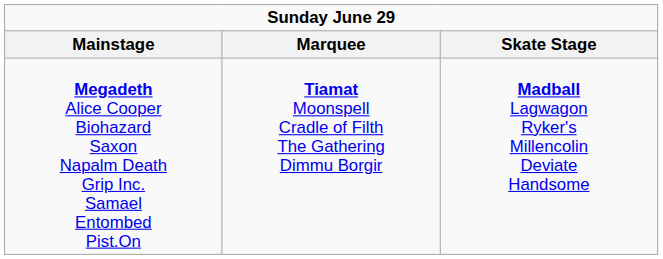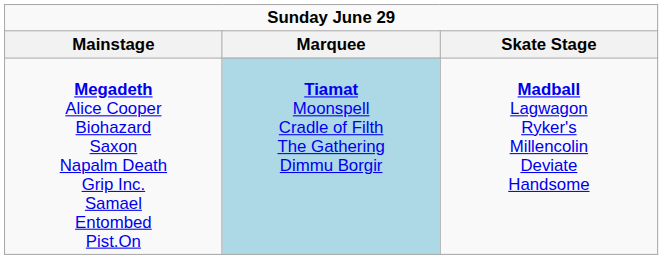 <table class="wikitable">
 <tr>
 <td colspan="3" style="text-align:center;"><strong>Sunday June 29</strong></td>
 </tr>
 <tr>
 <th>Mainstage</th>
 <th>Marquee</th>
 <th>Skate Stage</th>
 </tr>
 <tr>
 <td style="text-align:center; vertical-align:top; width:200px;"><br><strong><a href='#'>Megadeth</a></strong> <br><a href='#'>Alice Cooper</a> <br><a href='#'>Biohazard</a> <br><a href='#'>Saxon</a>  <br><a href='#'>Napalm Death</a> <br><a href='#'>Grip Inc.</a> <br><a href='#'>Samael</a> <br><a href='#'>Entombed</a> <br><a href='#'>Pist.On</a></td>
-<td style="text-align:center; vertical-align:top; width:200px;"><br><strong><a href='#'>Tiamat</a></strong> <br><a href='#'>Moonspell</a> <br><a href='#'>Cradle of Filth</a> <br><a href='#'>The Gathering</a> <br><a href='#'>Dimmu Borgir</a></td>
+<td style="background: lightblue; text-align:center; vertical-align:top; width:200px;"><br><strong><a href='#'>Tiamat</a></strong> <br><a href='#'>Moonspell</a> <br><a href='#'>Cradle of Filth</a> <br><a href='#'>The Gathering</a> <br><a href='#'>Dimmu Borgir</a></td>
 <td style="text-align:center; vertical-align:top; width:200px;"><br><strong><a href='#'>Madball</a></strong> <br><a href='#'>Lagwagon</a> <br><a href='#'>Ryker's</a> <br><a href='#'>Millencolin</a> <br><a href='#'>Deviate</a> <br><a href='#'>Handsome</a></td>
 </tr>
 </table>
